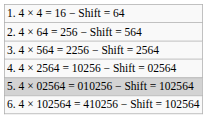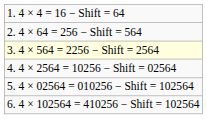 <table class="wikitable">
 <tr>
 <td>1. 4 × 4 = 16 − Shift = 64</td>
 </tr>
 <tr>
 <td>2. 4 × 64 = 256 − Shift = 564</td>
 </tr>
 <tr>
-<td>3. 4 × 564 = 2256 − Shift = 2564</td>
+<td style="background: lightyellow;">3. 4 × 564 = 2256 − Shift = 2564</td>
 </tr>
 <tr>
 <td>4. 4 × 2564 = 10256 − Shift = 02564</td>
 </tr>
 <tr>
-<td style="background: lightgrey;">5. 4 × 02564 = 010256 − Shift = 102564</td>
+<td>5. 4 × 02564 = 010256 − Shift = 102564</td>
 </tr>
 <tr>
 <td>6. 4 × 102564 = 410256 − Shift = 102564</td>
 </tr>
 </table>
